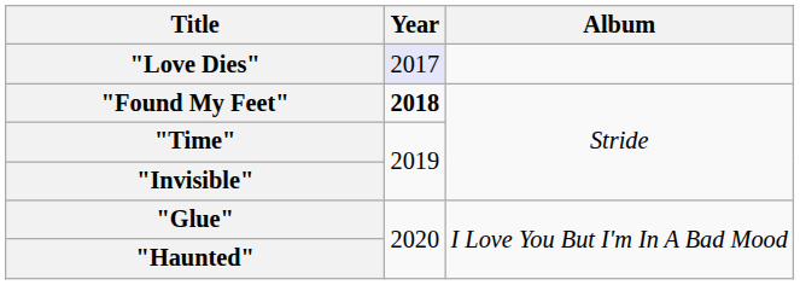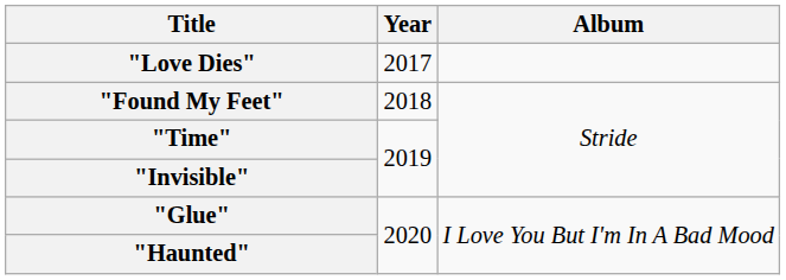 <table class="wikitable plainrowheaders" style="text-align:center;">
 <tr>
 <th scope="col" style="width:15em;">Title</th>
 <th scope="col">Year</th>
 <th scope="col">Album</th>
 </tr>
 <tr>
 <th scope="row">"Love Dies"</th>
-<td style="background: lavender;">2017</td>
+<td>2017</td>
 <td></td>
 </tr>
 <tr>
 <th scope="row">"Found My Feet"</th>
-<td><strong>2018</strong></td>
+<td>2018</td>
 <td rowspan="3"><em>Stride</em></td>
 </tr>
 <tr>
 <th scope="row">"Time"</th>
 <td rowspan="2">2019</td>
 </tr>
 <tr>
 <th scope="row">"Invisible"</th>
 </tr>
 <tr>
 <th scope="row">"Glue"</th>
 <td rowspan="2">2020</td>
 <td rowspan="2"><em>I Love You But I'm In A Bad Mood</em></td>
 </tr>
 <tr>
 <th scope="row">"Haunted"</th>
 </tr>
 </table>
